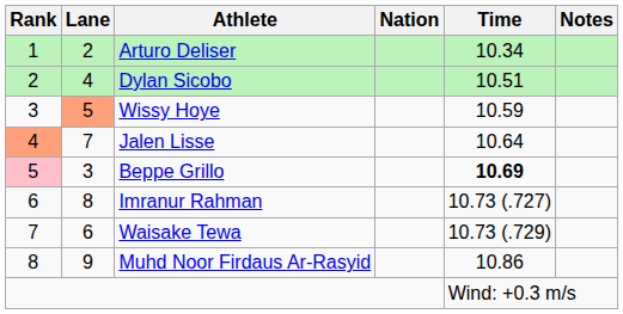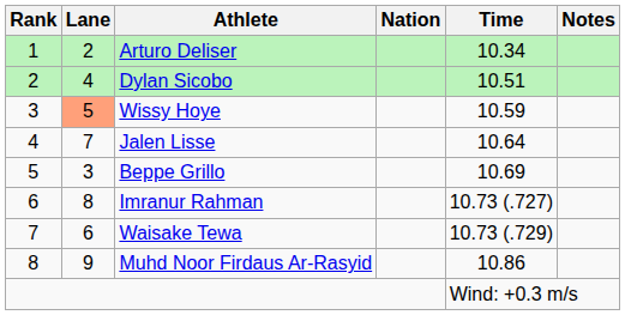 <table class="wikitable sortable" style="text-align:center;">
 <tr>
 <th scope="col">Rank</th>
 <th scope="col">Lane</th>
 <th scope="col">Athlete</th>
 <th scope="col">Nation</th>
 <th scope="col">Time</th>
 <th scope="col">Notes</th>
 </tr>
 <tr bgcolor="#bbf3bb">
 <td>1</td>
 <td>2</td>
 <td align=left><a href='#'>Arturo Deliser</a></td>
 <td align=left></td>
 <td>10.34</td>
 <td></td>
 </tr>
 <tr bgcolor="#bbf3bb">
 <td>2</td>
 <td>4</td>
 <td align=left><a href='#'>Dylan Sicobo</a></td>
 <td align=left></td>
 <td>10.51</td>
 <td></td>
 </tr>
 <tr>
 <td>3</td>
 <td style="background: lightsalmon;">5</td>
 <td align=left><a href='#'>Wissy Hoye</a></td>
 <td align=left></td>
 <td>10.59</td>
 <td></td>
 </tr>
 <tr>
-<td style="background: lightsalmon;">4</td>
+<td>4</td>
 <td>7</td>
 <td align=left><a href='#'>Jalen Lisse</a></td>
 <td align=left></td>
 <td>10.64</td>
 <td></td>
 </tr>
 <tr>
-<td style="background: pink;">5</td>
+<td>5</td>
 <td>3</td>
 <td align=left><a href='#'>Beppe Grillo</a></td>
 <td align=left></td>
-<td><strong>10.69</strong></td>
+<td>10.69</td>
 <td></td>
 </tr>
 <tr>
 <td>6</td>
 <td>8</td>
 <td align=left><a href='#'>Imranur Rahman</a></td>
 <td align=left></td>
 <td>10.73 (.727)</td>
 <td></td>
 </tr>
 <tr>
 <td>7</td>
 <td>6</td>
 <td align=left><a href='#'>Waisake Tewa</a></td>
 <td align=left></td>
 <td>10.73 (.729)</td>
 <td></td>
 </tr>
 <tr>
 <td>8</td>
 <td>9</td>
 <td align=left><a href='#'>Muhd Noor Firdaus Ar-Rasyid</a></td>
 <td align=left></td>
 <td>10.86</td>
 <td></td>
 </tr>
 <tr class="sortbottom">
 <td colspan=4></td>
 <td colspan="2" style="text-align:left;">Wind: +0.3 m/s</td>
 </tr>
 </table>
